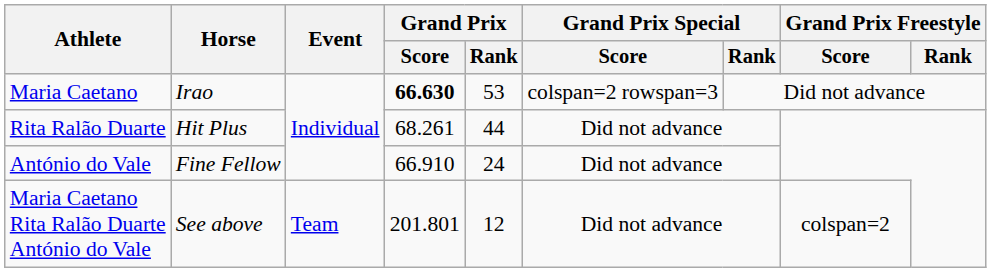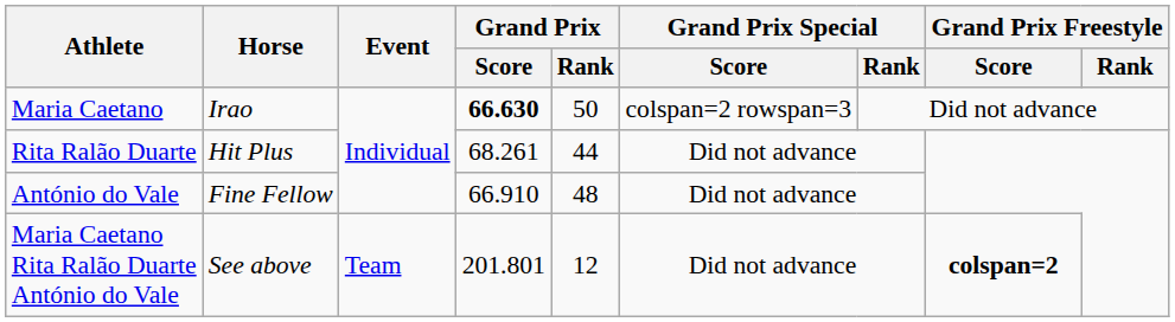 <table class="wikitable" style="font-size:90%; text-align:center;">
 <tr>
 <th rowspan="2">Athlete</th>
 <th rowspan="2">Horse</th>
 <th rowspan="2">Event</th>
 <th colspan="2">Grand Prix</th>
 <th colspan="2">Grand Prix Special</th>
 <th Colspan="2">Grand Prix Freestyle</th>
 </tr>
 <tr style="font-size:95%">
 <th>Score</th>
 <th>Rank</th>
 <th>Score</th>
 <th>Rank</th>
 <th>Score</th>
 <th>Rank</th>
 </tr>
 <tr>
 <td align=left><a href='#'>Maria Caetano</a></td>
 <td align=left><em>Irao</em></td>
 <td rowspan=3 align=left><a href='#'>Individual</a></td>
 <td><strong>66.630</strong></td>
-<td>53</td>
+<td>50</td>
 <td>colspan=2 rowspan=3 </td>
 <td colspan=4>Did not advance</td>
 </tr>
 <tr>
 <td align=left><a href='#'>Rita Ralão Duarte</a></td>
 <td align=left><em>Hit Plus</em></td>
 <td>68.261</td>
 <td>44</td>
 <td colspan=2>Did not advance</td>
 </tr>
 <tr>
 <td align=left><a href='#'>António do Vale</a></td>
 <td align=left><em>Fine Fellow</em></td>
 <td>66.910</td>
-<td>24</td>
+<td>48</td>
 <td colspan=2>Did not advance</td>
 </tr>
 <tr>
 <td align=left><a href='#'>Maria Caetano</a><br><a href='#'>Rita Ralão Duarte</a><br><a href='#'>António do Vale</a></td>
 <td align=left><em>See above</em></td>
 <td align=left><a href='#'>Team</a></td>
 <td>201.801</td>
 <td>12</td>
 <td colspan=2>Did not advance</td>
-<td>colspan=2 </td>
+<td><strong>colspan=2 </strong></td>
 </tr>
 </table>
